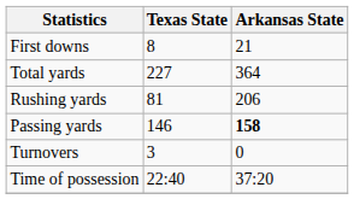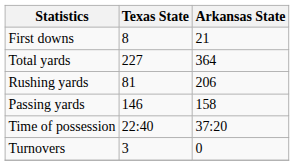 <table class="wikitable" style="float: right;">
 <tr>
 <th>Statistics</th>
 <th>Texas State</th>
 <th>Arkansas State</th>
 </tr>
 <tr>
 <td>First downs</td>
 <td>8</td>
 <td>21</td>
 </tr>
 <tr>
 <td>Total yards</td>
 <td>227</td>
 <td>364</td>
 </tr>
 <tr>
 <td>Rushing yards</td>
 <td>81</td>
 <td>206</td>
 </tr>
 <tr>
 <td>Passing yards</td>
 <td>146</td>
-<td><strong>158</strong></td>
+<td>158</td>
+</tr>
+<tr>
+<td>Time of possession</td>
+<td>22:40</td>
+<td>37:20</td>
 </tr>
 <tr>
 <td>Turnovers</td>
 <td>3</td>
 <td>0</td>
 </tr>
 <tr>
-<td>Time of possession</td>
-<td>22:40</td>
-<td>37:20</td>
-</tr>
-<tr>
 </tr>
 </table>
